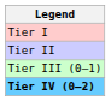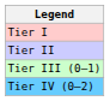 <table class="wikitable">
 <tr>
 <th>Legend</th>
 </tr>
 <tr bgcolor="#FFCCCC">
 <td>Tier I</td>
 </tr>
 <tr bgcolor="#CCCCFF">
 <td>Tier II</td>
 </tr>
 <tr bgcolor="#CCFFCC">
 <td>Tier III (0–1)</td>
 </tr>
 <tr bgcolor="#66CCFF">
-<td><strong>Tier IV (0–2)</strong></td>
+<td>Tier IV (0–2)</td>
 </tr>
 </table>
